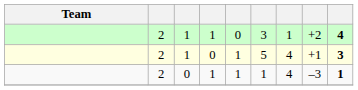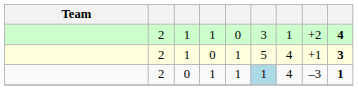 <table class="wikitable" style="text-align:center">
 <tr>
 <th width=175>Team</th>
 <th width=25></th>
 <th width=25></th>
 <th width=25></th>
 <th width=25></th>
 <th width=25></th>
 <th width=25></th>
 <th width=25></th>
 <th width=25></th>
 </tr>
 <tr align=center bgcolor=#ccffcc>
 <td style="text-align:left;"><strong></strong></td>
 <td>2</td>
 <td>1</td>
 <td>1</td>
 <td>0</td>
 <td>3</td>
 <td>1</td>
 <td>+2</td>
 <td><strong>4</strong></td>
 </tr>
 <tr align=center bgcolor=#ffffe0>
 <td style="text-align:left;"><strong></strong></td>
 <td>2</td>
 <td>1</td>
 <td>0</td>
 <td>1</td>
 <td>5</td>
 <td>4</td>
 <td>+1</td>
 <td><strong>3</strong></td>
 </tr>
 <tr>
 <td style="text-align:left;"></td>
 <td>2</td>
 <td>0</td>
 <td>1</td>
 <td>1</td>
-<td>1</td>
+<td style="background: lightblue;">1</td>
 <td>4</td>
 <td>–3</td>
 <td><strong>1</strong></td>
 </tr>
 <tr>
 </tr>
 </table>
